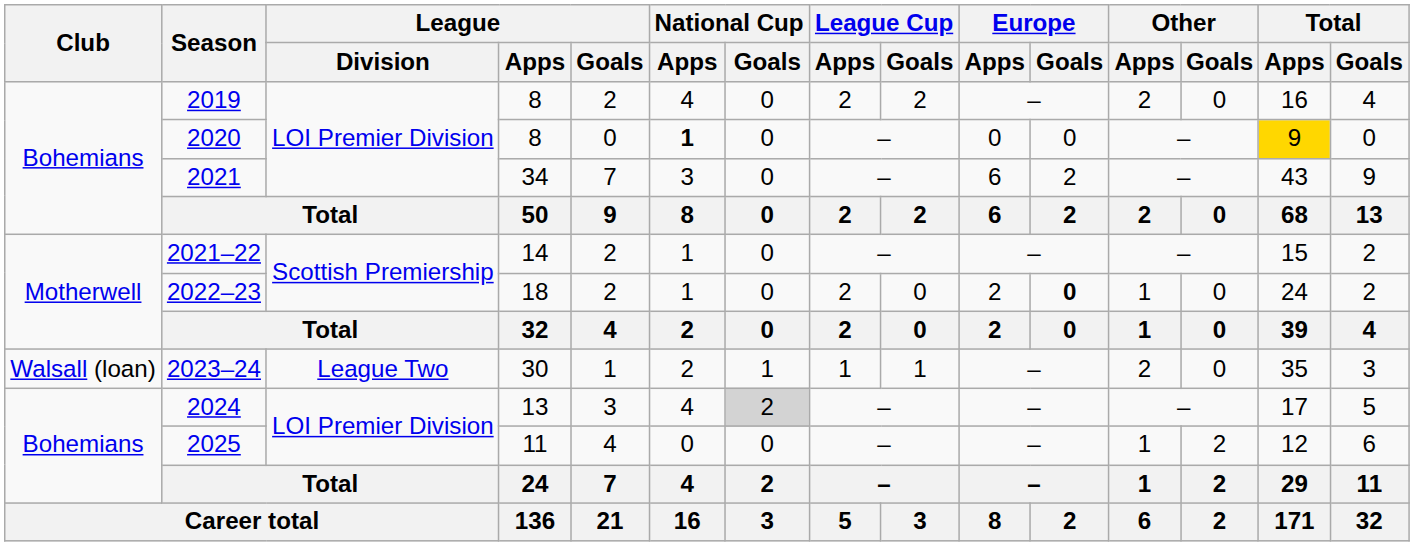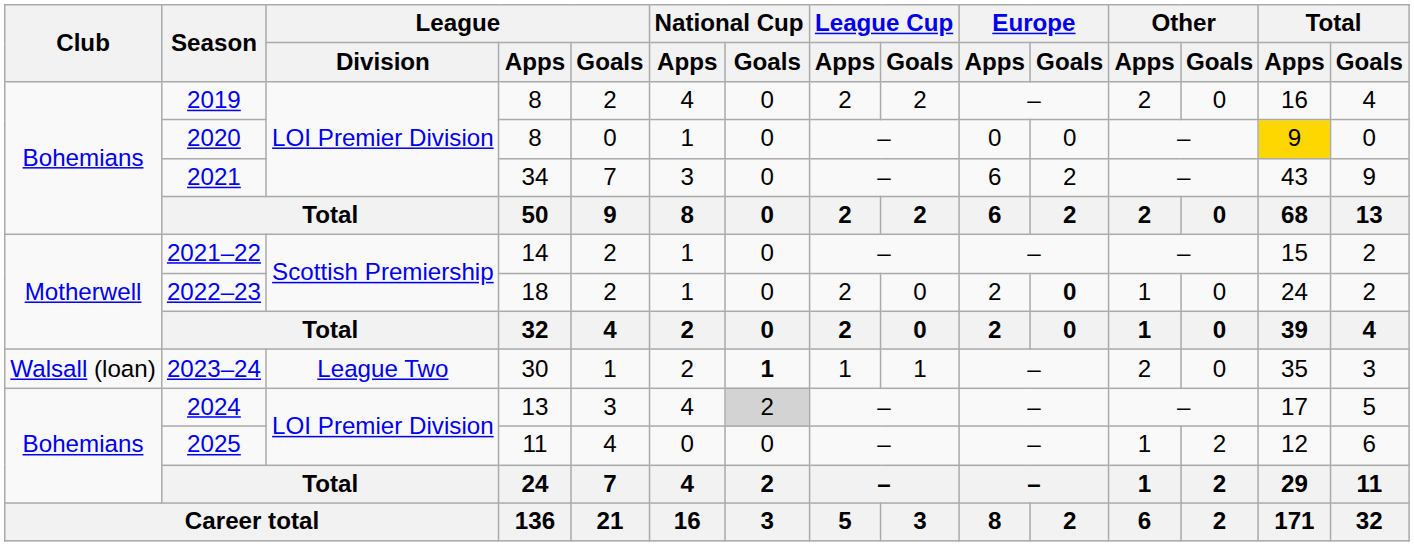 <table class="wikitable" style="text-align: center">
 <tr>
 <th rowspan="2">Club</th>
 <th rowspan="2">Season</th>
 <th colspan="3">League</th>
 <th colspan="2">National Cup</th>
 <th colspan="2"><a href='#'>League Cup</a></th>
 <th colspan="2"><a href='#'>Europe</a></th>
 <th colspan="2">Other</th>
 <th colspan="2">Total</th>
 </tr>
 <tr>
 <th>Division</th>
 <th>Apps</th>
 <th>Goals</th>
 <th>Apps</th>
 <th>Goals</th>
 <th>Apps</th>
 <th>Goals</th>
 <th>Apps</th>
 <th>Goals</th>
 <th>Apps</th>
 <th>Goals</th>
 <th>Apps</th>
 <th>Goals</th>
 </tr>
 <tr>
 <td rowspan="4"><a href='#'>Bohemians</a></td>
 <td><a href='#'>2019</a></td>
 <td rowspan="3"><a href='#'>LOI Premier Division</a></td>
 <td>8</td>
 <td>2</td>
 <td>4</td>
 <td>0</td>
 <td>2</td>
 <td>2</td>
 <td colspan="2">–</td>
 <td>2</td>
 <td>0</td>
 <td>16</td>
 <td>4</td>
 </tr>
 <tr>
 <td><a href='#'>2020</a></td>
 <td>8</td>
 <td>0</td>
-<td><strong>1</strong></td>
+<td>1</td>
 <td>0</td>
 <td colspan="2">–</td>
 <td>0</td>
 <td>0</td>
 <td colspan="2">–</td>
 <td style="background: gold;">9</td>
 <td>0</td>
 </tr>
 <tr>
 <td><a href='#'>2021</a></td>
 <td>34</td>
 <td>7</td>
 <td>3</td>
 <td>0</td>
 <td colspan="2">–</td>
 <td>6</td>
 <td>2</td>
 <td colspan="2">–</td>
 <td>43</td>
 <td>9</td>
 </tr>
 <tr>
 <th colspan="2">Total</th>
 <th>50</th>
 <th>9</th>
 <th>8</th>
 <th>0</th>
 <th>2</th>
 <th>2</th>
 <th>6</th>
 <th>2</th>
 <th>2</th>
 <th>0</th>
 <th>68</th>
 <th>13</th>
 </tr>
 <tr>
 <td rowspan="3"><a href='#'>Motherwell</a></td>
 <td><a href='#'>2021–22</a></td>
 <td rowspan="2"><a href='#'>Scottish Premiership</a></td>
 <td>14</td>
 <td>2</td>
 <td>1</td>
 <td>0</td>
 <td colspan="2">–</td>
 <td colspan="2">–</td>
 <td colspan="2">–</td>
 <td>15</td>
 <td>2</td>
 </tr>
 <tr>
 <td><a href='#'>2022–23</a></td>
 <td>18</td>
 <td>2</td>
 <td>1</td>
 <td>0</td>
 <td>2</td>
 <td>0</td>
 <td>2</td>
 <td><strong>0</strong></td>
 <td>1</td>
 <td>0</td>
 <td>24</td>
 <td>2</td>
 </tr>
 <tr>
 <th colspan="2">Total</th>
 <th>32</th>
 <th>4</th>
 <th>2</th>
 <th>0</th>
 <th>2</th>
 <th>0</th>
 <th>2</th>
 <th>0</th>
 <th>1</th>
 <th>0</th>
 <th>39</th>
 <th>4</th>
 </tr>
 <tr>
 <td><a href='#'>Walsall</a> (loan)</td>
 <td><a href='#'>2023–24</a></td>
 <td><a href='#'>League Two</a></td>
 <td>30</td>
 <td>1</td>
 <td>2</td>
-<td>1</td>
+<td><strong>1</strong></td>
 <td>1</td>
 <td>1</td>
 <td colspan="2">–</td>
 <td>2</td>
 <td>0</td>
 <td>35</td>
 <td>3</td>
 </tr>
 <tr>
 <td rowspan="3"><a href='#'>Bohemians</a></td>
 <td><a href='#'>2024</a></td>
 <td rowspan="2"><a href='#'>LOI Premier Division</a></td>
 <td>13</td>
 <td>3</td>
 <td>4</td>
 <td style="background: lightgrey;">2</td>
 <td colspan="2">–</td>
 <td colspan="2">–</td>
 <td colspan="2">–</td>
 <td>17</td>
 <td>5</td>
 </tr>
 <tr>
 <td><a href='#'>2025</a></td>
 <td>11</td>
 <td>4</td>
 <td>0</td>
 <td>0</td>
 <td colspan="2">–</td>
 <td colspan="2">–</td>
 <td>1</td>
 <td>2</td>
 <td>12</td>
 <td>6</td>
 </tr>
 <tr>
 <th colspan="2">Total</th>
 <th>24</th>
 <th>7</th>
 <th>4</th>
 <th>2</th>
 <th colspan="2">–</th>
 <th colspan="2">–</th>
 <th>1</th>
 <th>2</th>
 <th>29</th>
 <th>11</th>
 </tr>
 <tr>
 <th colspan="3">Career total</th>
 <th>136</th>
 <th>21</th>
 <th>16</th>
 <th>3</th>
 <th>5</th>
 <th>3</th>
 <th>8</th>
 <th>2</th>
 <th>6</th>
 <th>2</th>
 <th>171</th>
 <th>32</th>
 </tr>
 </table>
